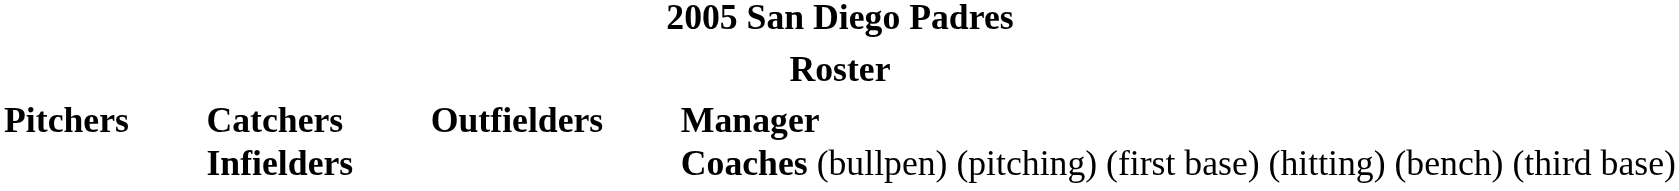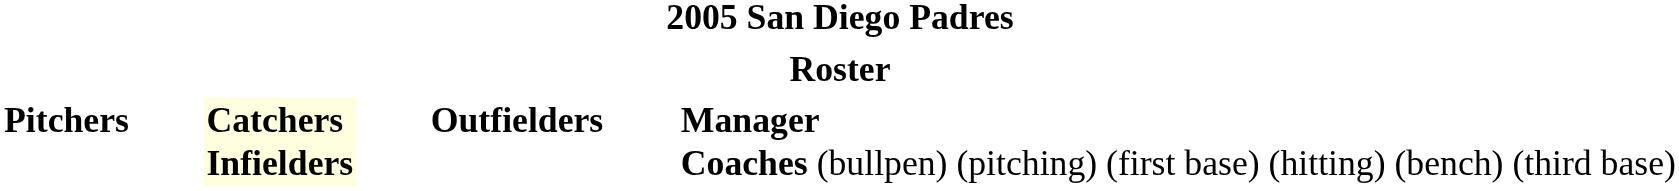 <table class="toccolours" style="font-size: 95%;">
 <tr>
 <th colspan="10" style="text-align:center; ">2005 San Diego Padres</th>
 </tr>
 <tr>
 <td colspan="10" style="text-align:center; "><strong>Roster</strong></td>
 </tr>
 <tr>
 <td valign="top"><strong>Pitchers</strong><br>                     </td>
 <td width="25px"></td>
-<td valign="top"><strong>Catchers</strong><br>    <strong>Infielders</strong>            </td>
+<td valign="top" style="background: lightyellow;"><strong>Catchers</strong><br>    <strong>Infielders</strong>            </td>
 <td width="25px"></td>
 <td valign="top"><strong>Outfielders</strong><br>       </td>
 <td width="25px"></td>
 <td valign="top"><strong>Manager</strong><br> <strong>Coaches</strong>  (bullpen)  (pitching)  (first base)  (hitting)  (bench)   (third base)</td>
 </tr>
 </table>
